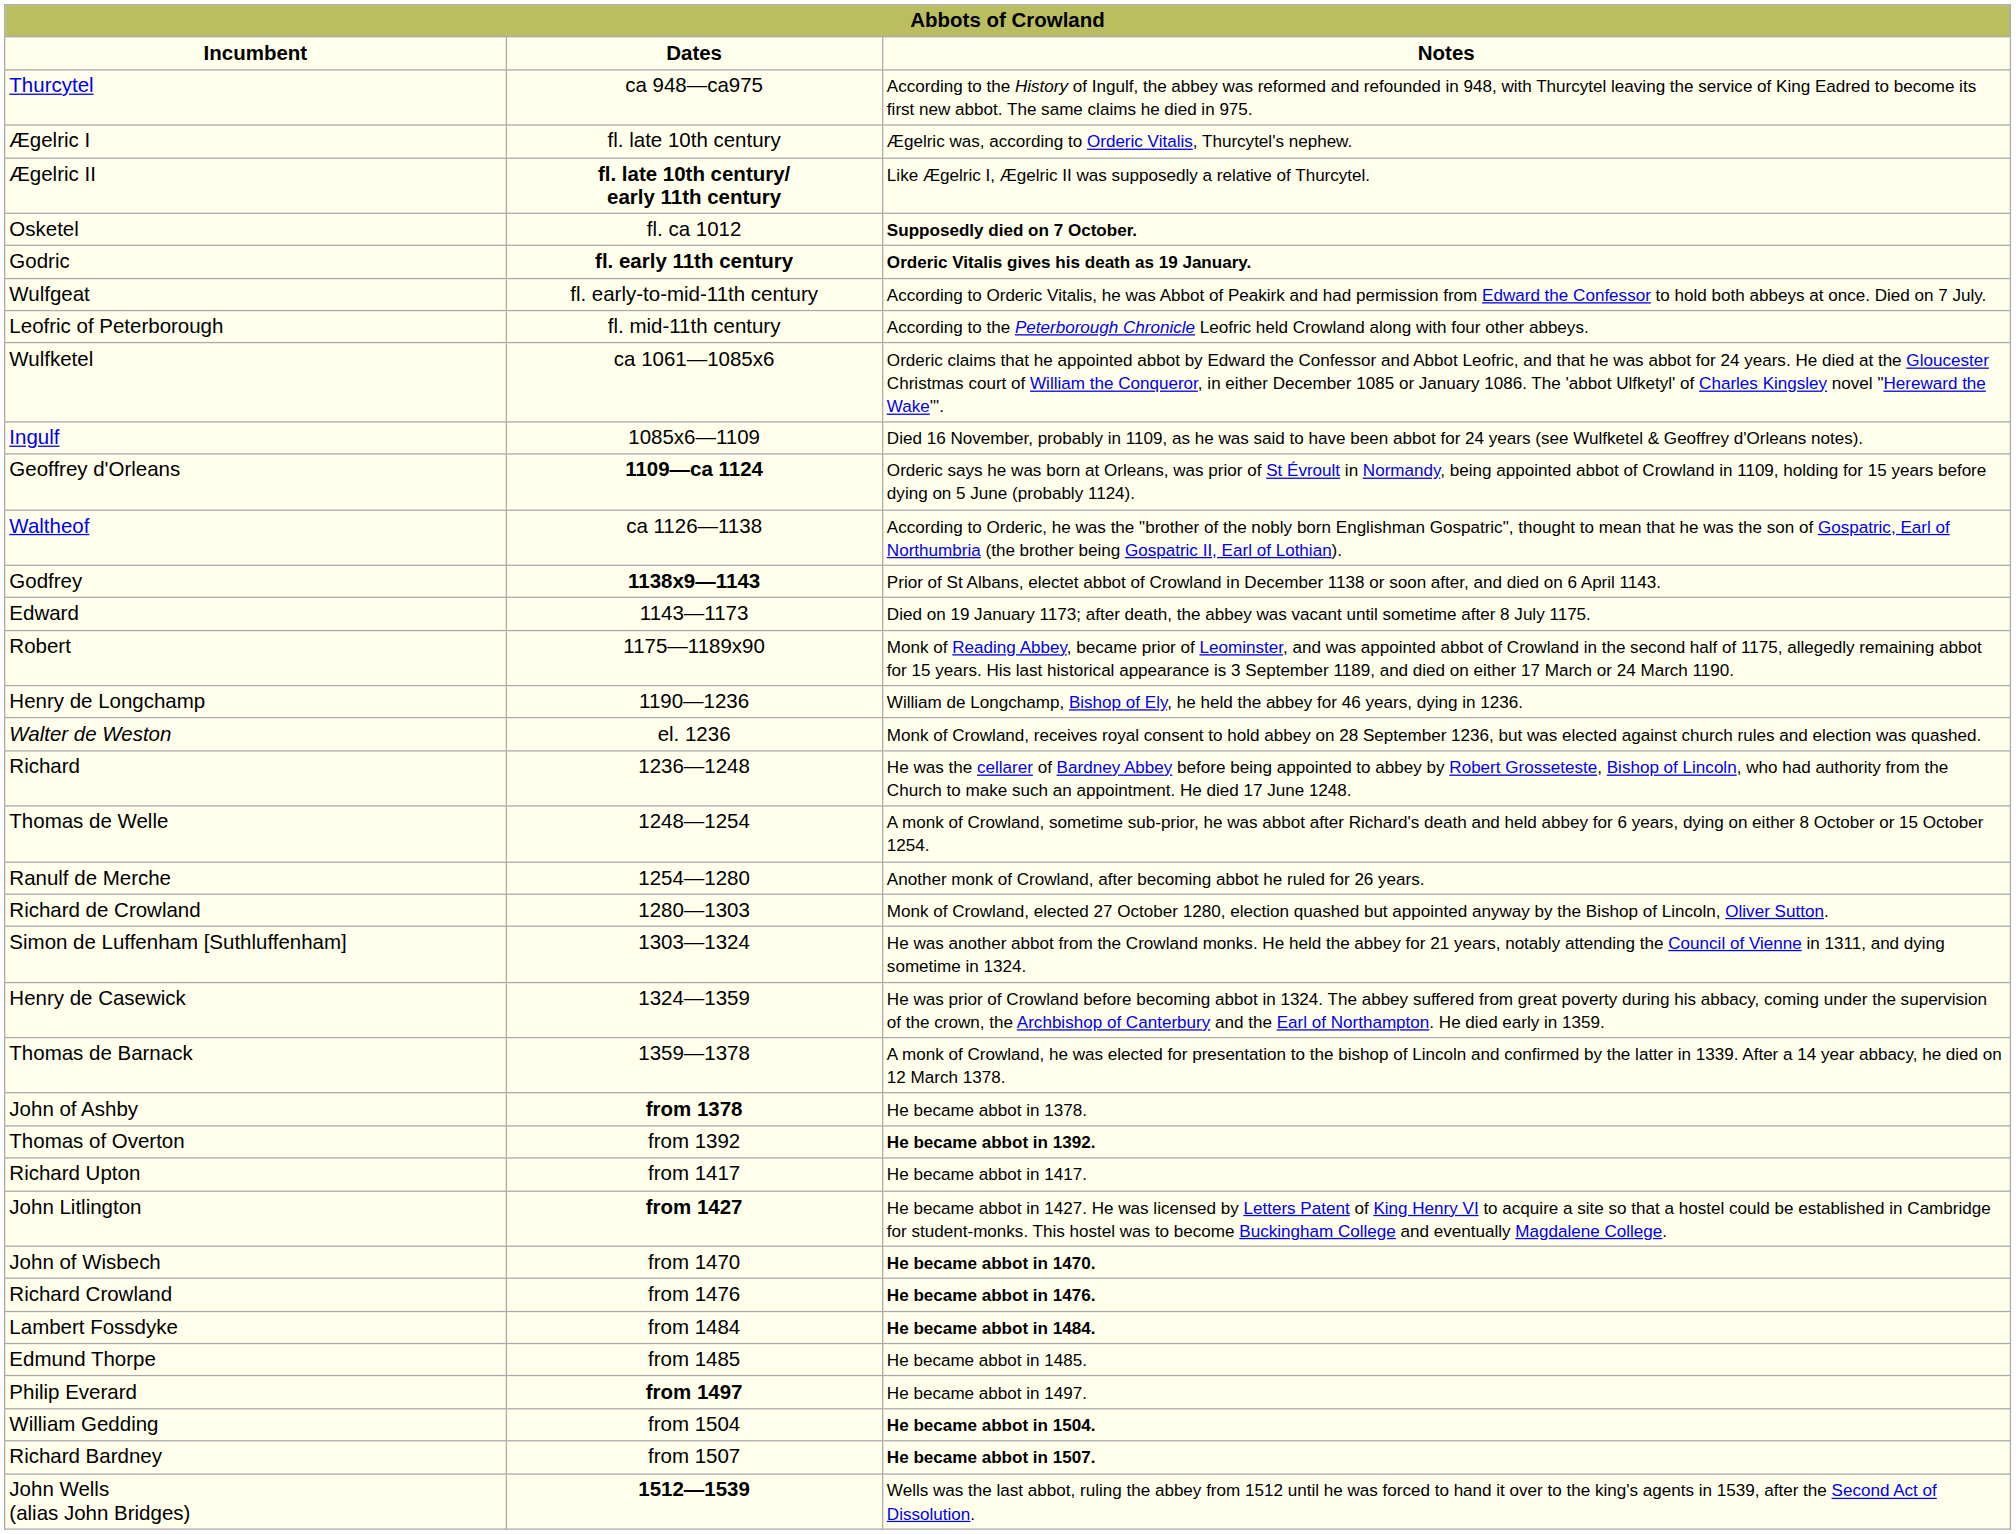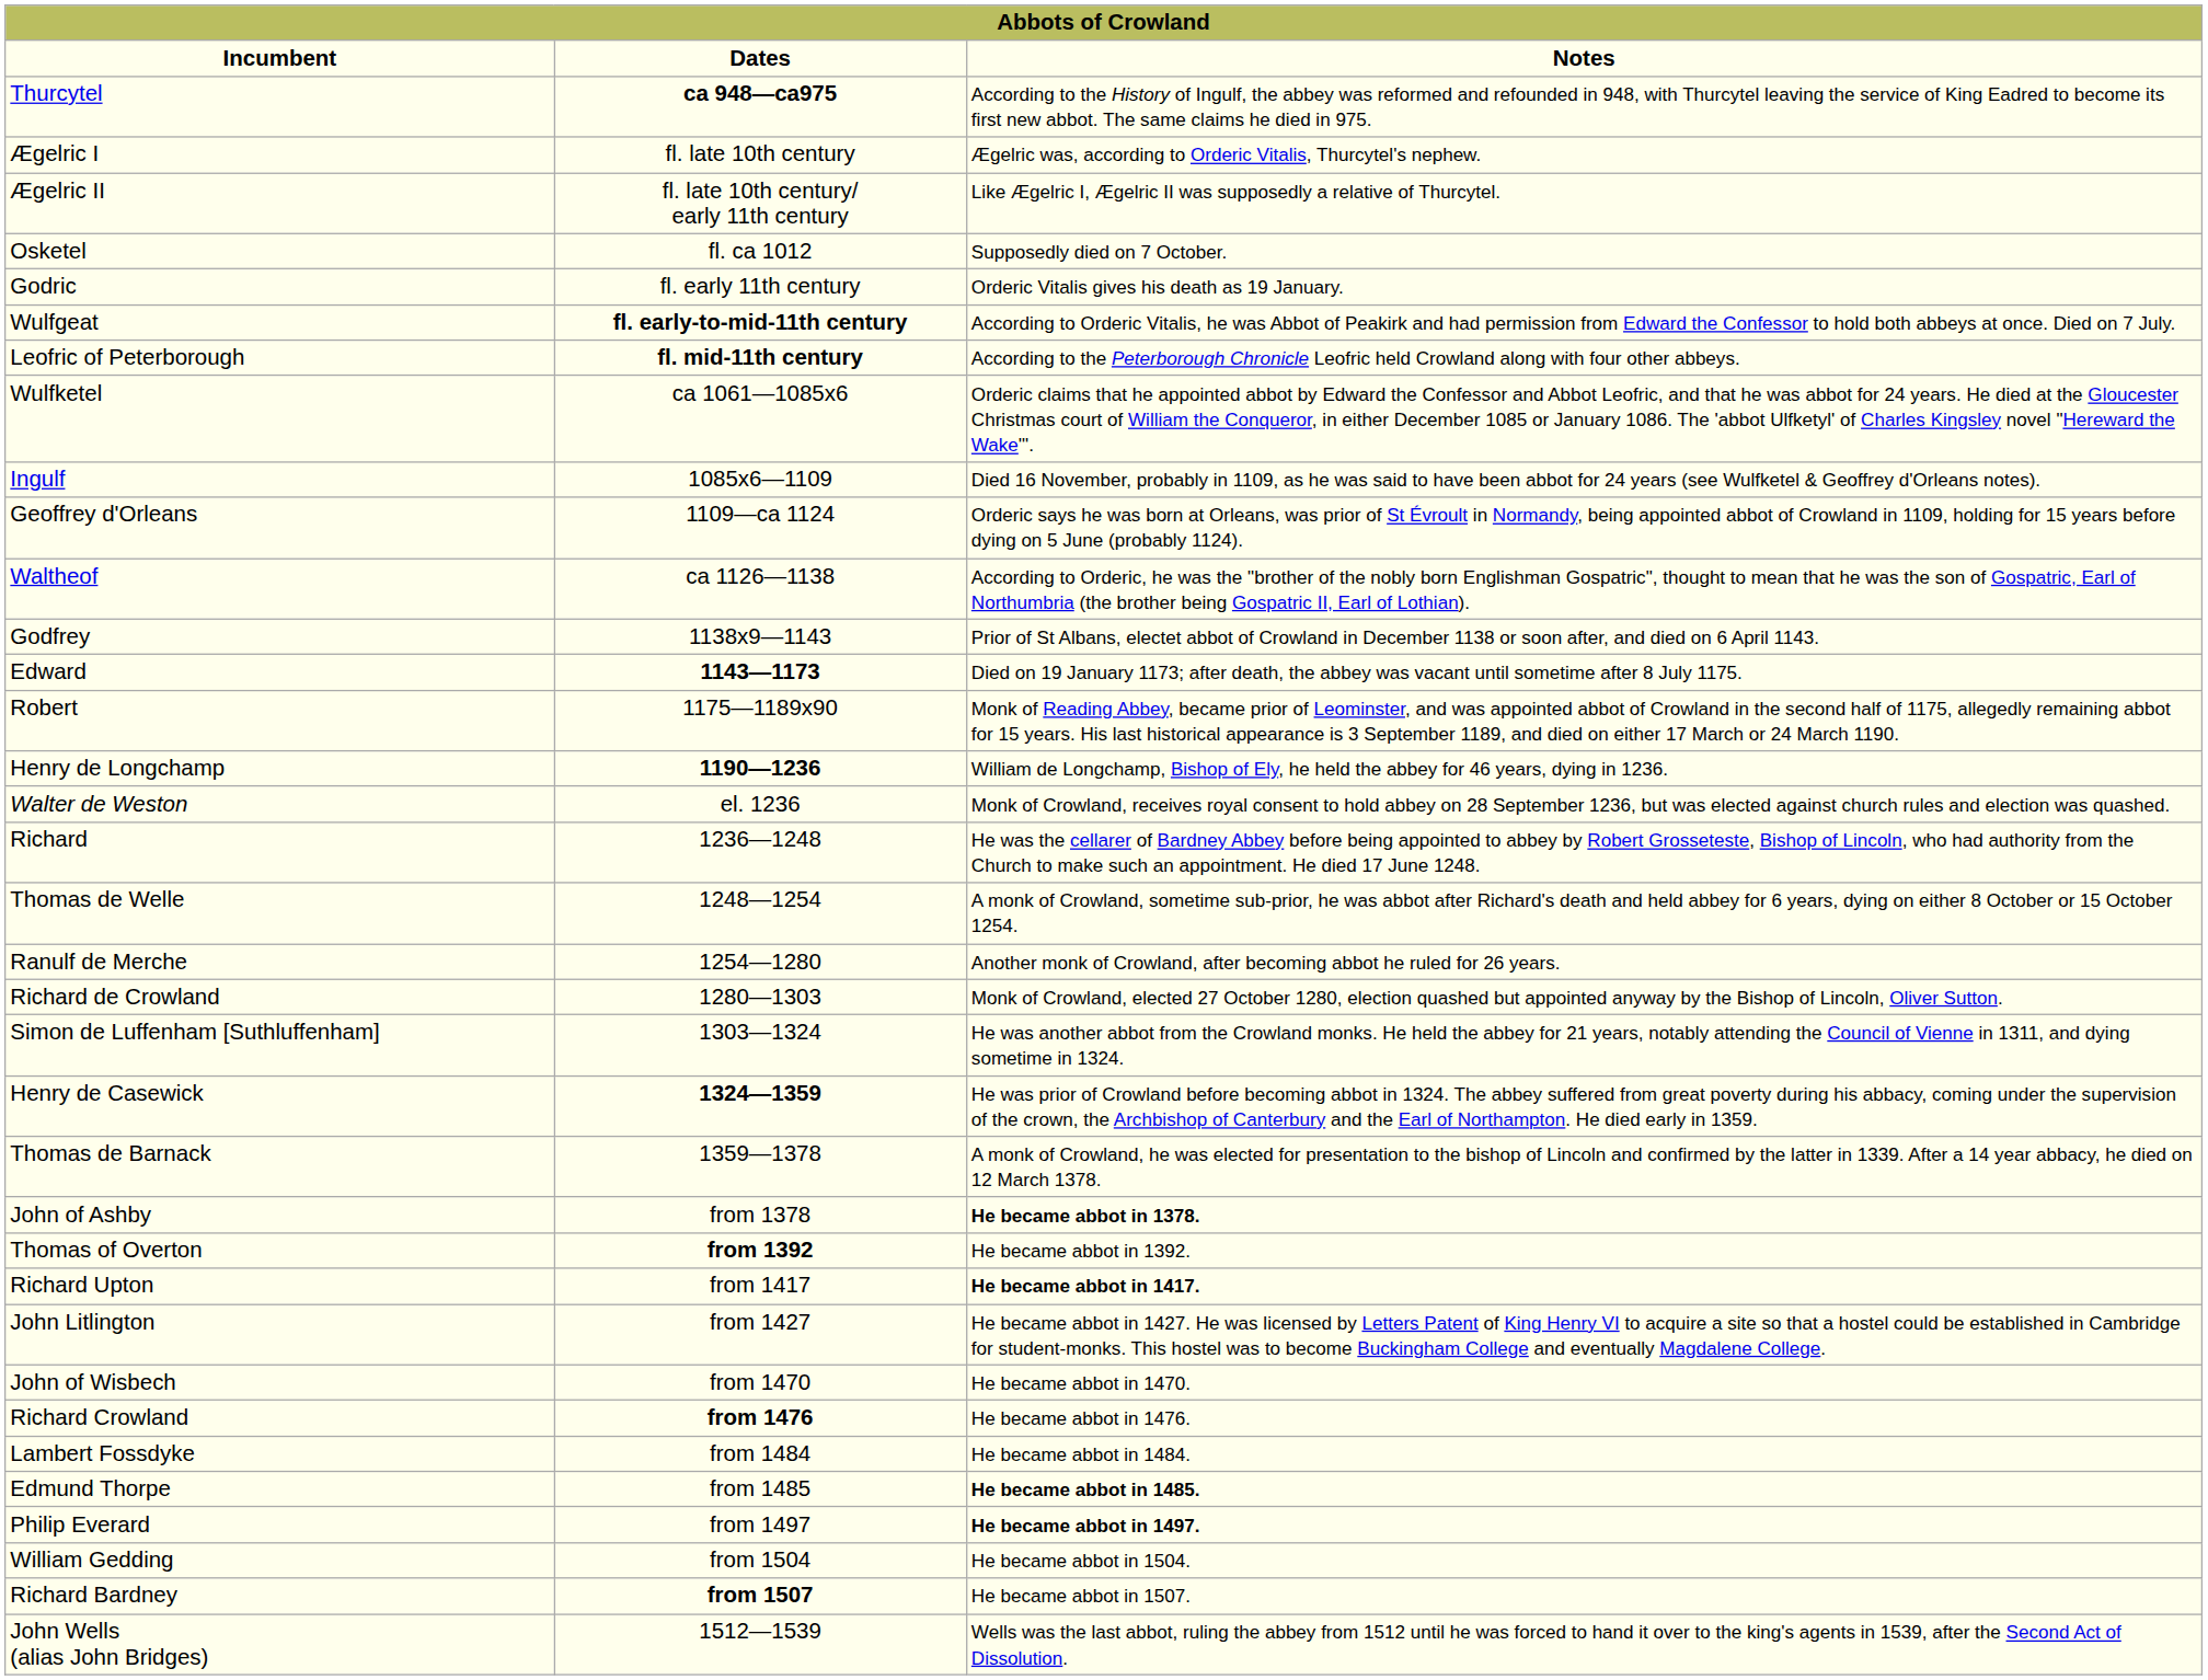 <table class="wikitable">
 <tr>
 <th style="background-color:#BABE60" colspan="5">Abbots of Crowland</th>
 </tr>
 <tr align=left>
 <th style="background-color:#ffffec" width="20%">Incumbent</th>
 <th style="background-color:#ffffec" width="15%">Dates</th>
 <th style="background-color:#ffffec" width="45%">Notes</th>
 </tr>
 <tr valign=top bgcolor="#ffffec">
 <td><a href='#'>Thurcytel</a></td>
-<td align=center>ca 948—ca975</td>
+<td align=center><strong>ca 948—ca975</strong></td>
 <td><small>According to the <em>History</em> of Ingulf, the abbey was reformed and refounded in 948, with Thurcytel leaving the service of King Eadred to become its first new abbot. The same claims he died in 975.</small></td>
 </tr>
 <tr valign=top bgcolor="#ffffec">
 <td>Ægelric I</td>
 <td align=center>fl. late 10th century</td>
 <td><small>Ægelric was, according to <a href='#'>Orderic Vitalis</a>, Thurcytel's nephew. </small></td>
 </tr>
 <tr valign=top bgcolor="#ffffec">
 <td>Ægelric II</td>
-<td align=center><strong>fl. late 10th century/<br>early 11th century</strong></td>
+<td align=center>fl. late 10th century/<br>early 11th century</td>
 <td><small>Like Ægelric I, Ægelric II was supposedly a relative of Thurcytel.</small></td>
 </tr>
 <tr valign=top bgcolor="#ffffec">
 <td>Osketel</td>
 <td align=center>fl. ca 1012</td>
-<td><strong><small>Supposedly died on 7 October.</small></strong></td>
+<td><small>Supposedly died on 7 October.</small></td>
 </tr>
 <tr valign=top bgcolor="#ffffec">
 <td>Godric</td>
-<td align=center><strong>fl. early 11th century</strong></td>
-<td><strong><small>Orderic Vitalis gives his death as 19 January.</small></strong></td>
+<td align=center>fl. early 11th century</td>
+<td><small>Orderic Vitalis gives his death as 19 January.</small></td>
 </tr>
 <tr valign=top bgcolor="#ffffec">
 <td>Wulfgeat</td>
-<td align=center>fl. early-to-mid-11th century</td>
+<td align=center><strong>fl. early-to-mid-11th century</strong></td>
 <td><small>According to Orderic Vitalis, he was Abbot of Peakirk and had permission from <a href='#'>Edward the Confessor</a> to hold both abbeys at once. Died on 7 July.</small></td>
 </tr>
 <tr valign=top bgcolor="#ffffec">
 <td>Leofric of Peterborough</td>
-<td align=center>fl. mid-11th century</td>
+<td align=center><strong>fl. mid-11th century</strong></td>
 <td><small>According to the <em><a href='#'>Peterborough Chronicle</a></em> Leofric held Crowland along with four other abbeys. </small></td>
 </tr>
 <tr valign=top bgcolor="#ffffec">
 <td>Wulfketel</td>
 <td align=center>ca 1061—1085x6</td>
 <td><small>Orderic claims that he appointed abbot by Edward the Confessor and Abbot Leofric, and that he was abbot for 24 years.  He died at the <a href='#'>Gloucester</a> Christmas court of <a href='#'>William the Conqueror</a>, in either December 1085 or January 1086. The 'abbot Ulfketyl' of <a href='#'>Charles Kingsley</a> novel "<a href='#'>Hereward the Wake</a>'".</small></td>
 </tr>
 <tr valign=top bgcolor="#ffffec">
 <td><a href='#'>Ingulf</a></td>
 <td align=center>1085x6—1109</td>
 <td><small>Died 16 November, probably in 1109, as he was said to have been abbot for 24 years (see Wulfketel & Geoffrey d'Orleans notes). </small></td>
 </tr>
 <tr valign=top bgcolor="#ffffec">
 <td>Geoffrey d'Orleans</td>
-<td align=center><strong>1109—ca 1124</strong></td>
+<td align=center>1109—ca 1124</td>
 <td><small>Orderic says he was born at Orleans, was prior of <a href='#'>St Évroult</a> in <a href='#'>Normandy</a>, being appointed abbot of Crowland in 1109, holding for 15 years before dying on 5 June (probably 1124). </small></td>
 </tr>
 <tr valign=top bgcolor="#ffffec">
 <td><a href='#'>Waltheof</a></td>
 <td align=center>ca 1126—1138</td>
 <td><small>According to Orderic, he was the "brother of the nobly born Englishman Gospatric", thought to mean that he was the son of <a href='#'>Gospatric, Earl of Northumbria</a>  (the brother being <a href='#'>Gospatric II, Earl of Lothian</a>).</small></td>
 </tr>
 <tr valign=top bgcolor="#ffffec">
 <td>Godfrey</td>
-<td align=center><strong>1138x9—1143</strong></td>
+<td align=center>1138x9—1143</td>
 <td><small>Prior of St Albans, electet abbot of Crowland in December 1138 or soon after, and died on 6 April 1143.</small></td>
 </tr>
 <tr valign=top bgcolor="#ffffec">
 <td>Edward</td>
-<td align=center>1143—1173</td>
+<td align=center><strong>1143—1173</strong></td>
 <td><small>Died on 19 January 1173; after death, the abbey was vacant until sometime after 8 July 1175.</small></td>
 </tr>
 <tr valign=top bgcolor="#ffffec">
 <td>Robert</td>
 <td align=center>1175—1189x90</td>
 <td><small>Monk of <a href='#'>Reading Abbey</a>, became prior of <a href='#'>Leominster</a>, and was appointed abbot of Crowland in the second half of 1175, allegedly remaining abbot for 15 years. His last historical appearance is 3 September 1189, and died on either 17 March or 24 March 1190. </small></td>
 </tr>
 <tr valign=top bgcolor="#ffffec">
 <td>Henry de Longchamp</td>
-<td align=center>1190—1236</td>
+<td align=center><strong>1190—1236</strong></td>
 <td><small>William de Longchamp, <a href='#'>Bishop of Ely</a>, he held the abbey for 46 years, dying in 1236.</small></td>
 </tr>
 <tr valign=top bgcolor="#ffffec">
 <td><em>Walter de Weston</em></td>
 <td align=center>el. 1236</td>
 <td><small>Monk of Crowland, receives royal consent to hold abbey on 28 September 1236, but was elected against church rules and election was quashed. </small></td>
 </tr>
 <tr valign=top bgcolor="#ffffec">
 <td>Richard</td>
 <td align=center>1236—1248</td>
 <td><small>He was the <a href='#'>cellarer</a> of <a href='#'>Bardney Abbey</a> before being appointed to abbey by <a href='#'>Robert Grosseteste</a>, <a href='#'>Bishop of Lincoln</a>, who had authority from the Church to make such an appointment. He died 17 June 1248.</small></td>
 </tr>
 <tr valign=top bgcolor="#ffffec">
 <td>Thomas de Welle</td>
 <td align=center>1248—1254</td>
 <td><small>A monk of Crowland, sometime sub-prior, he was abbot after Richard's death and held abbey for 6 years, dying on either 8 October or 15 October 1254.</small></td>
 </tr>
 <tr valign=top bgcolor="#ffffec">
 <td>Ranulf de Merche</td>
 <td align=center>1254—1280</td>
 <td><small>Another monk of Crowland, after becoming abbot he ruled for 26 years. </small></td>
 </tr>
 <tr valign=top bgcolor="#ffffec">
 <td>Richard de Crowland</td>
 <td align=center>1280—1303</td>
 <td><small>Monk of Crowland, elected 27 October 1280, election quashed but appointed anyway by the Bishop of Lincoln, <a href='#'>Oliver Sutton</a>.   </small></td>
 </tr>
 <tr valign=top bgcolor="#ffffec">
 <td>Simon de Luffenham [Suthluffenham]</td>
 <td align=center>1303—1324</td>
 <td><small>He was another abbot from the Crowland monks. He held the abbey for 21 years, notably attending the <a href='#'>Council of Vienne</a> in 1311, and dying sometime in 1324. </small></td>
 </tr>
 <tr valign=top bgcolor="#ffffec">
 <td>Henry de Casewick</td>
-<td align=center>1324—1359</td>
+<td align=center><strong>1324—1359</strong></td>
 <td><small>He was prior of Crowland before becoming abbot in 1324.  The abbey suffered from great poverty during his abbacy, coming under the supervision of the crown, the <a href='#'>Archbishop of Canterbury</a> and the <a href='#'>Earl of Northampton</a>.  He died early in 1359.  </small></td>
 </tr>
 <tr valign=top bgcolor="#ffffec">
 <td>Thomas de Barnack</td>
 <td align=center>1359—1378</td>
 <td><small>A monk of Crowland, he was elected for presentation to the bishop of Lincoln and confirmed by the latter in 1339.  After a 14 year abbacy, he died on 12 March 1378. </small></td>
 </tr>
 <tr valign=top bgcolor="#ffffec">
 <td>John of Ashby</td>
-<td align=center><strong>from 1378</strong></td>
-<td><small>He became abbot in 1378.</small></td>
+<td align=center>from 1378</td>
+<td><strong><small>He became abbot in 1378.</small></strong></td>
 </tr>
 <tr valign=top bgcolor="#ffffec">
 <td>Thomas of Overton</td>
-<td align=center>from 1392</td>
-<td><strong><small>He became abbot in 1392.</small></strong></td>
+<td align=center><strong>from 1392</strong></td>
+<td><small>He became abbot in 1392.</small></td>
 </tr>
 <tr valign=top bgcolor="#ffffec">
 <td>Richard Upton</td>
 <td align=center>from 1417</td>
-<td><small>He became abbot in 1417.</small></td>
+<td><strong><small>He became abbot in 1417.</small></strong></td>
 </tr>
 <tr valign=top bgcolor="#ffffec">
 <td>John Litlington</td>
-<td align=center><strong>from 1427</strong></td>
+<td align=center>from 1427</td>
 <td><small>He became abbot in 1427. He was licensed by <a href='#'>Letters Patent</a> of <a href='#'>King Henry VI</a> to acquire a site so that a hostel could be established in Cambridge for student-monks. This hostel was to become <a href='#'>Buckingham College</a> and eventually <a href='#'>Magdalene College</a>.</small></td>
 </tr>
 <tr valign=top bgcolor="#ffffec">
 <td>John of Wisbech</td>
 <td align=center>from 1470</td>
-<td><strong><small>He became abbot in 1470.</small></strong></td>
+<td><small>He became abbot in 1470.</small></td>
 </tr>
 <tr valign=top bgcolor="#ffffec">
 <td>Richard Crowland</td>
-<td align=center>from 1476</td>
-<td><strong><small>He became abbot in 1476.</small></strong></td>
+<td align=center><strong>from 1476</strong></td>
+<td><small>He became abbot in 1476.</small></td>
 </tr>
 <tr valign=top bgcolor="#ffffec">
 <td>Lambert Fossdyke</td>
 <td align=center>from 1484</td>
-<td><strong><small>He became abbot in 1484.</small></strong></td>
+<td><small>He became abbot in 1484.</small></td>
 </tr>
 <tr valign=top bgcolor="#ffffec">
 <td>Edmund Thorpe</td>
 <td align=center>from 1485</td>
-<td><small>He became abbot in 1485.</small></td>
+<td><strong><small>He became abbot in 1485.</small></strong></td>
 </tr>
 <tr valign=top bgcolor="#ffffec">
 <td>Philip Everard</td>
-<td align=center><strong>from 1497</strong></td>
-<td><small>He became abbot in 1497.</small></td>
+<td align=center>from 1497</td>
+<td><strong><small>He became abbot in 1497.</small></strong></td>
 </tr>
 <tr valign=top bgcolor="#ffffec">
 <td>William Gedding</td>
 <td align=center>from 1504</td>
-<td><strong><small>He became abbot in 1504.</small></strong></td>
+<td><small>He became abbot in 1504.</small></td>
 </tr>
 <tr valign=top bgcolor="#ffffec">
 <td>Richard Bardney</td>
-<td align=center>from 1507</td>
-<td><strong><small>He became abbot in 1507.</small></strong></td>
+<td align=center><strong>from 1507</strong></td>
+<td><small>He became abbot in 1507.</small></td>
 </tr>
 <tr valign=top bgcolor="#ffffec">
 <td>John Wells <br>(alias John Bridges)</td>
-<td align=center><strong>1512—1539</strong></td>
+<td align=center>1512—1539</td>
 <td><small>Wells was the last abbot, ruling the abbey from 1512 until he was forced to hand it over to the king's agents in 1539, after the <a href='#'>Second Act of Dissolution</a>.</small></td>
 </tr>
 </table>
